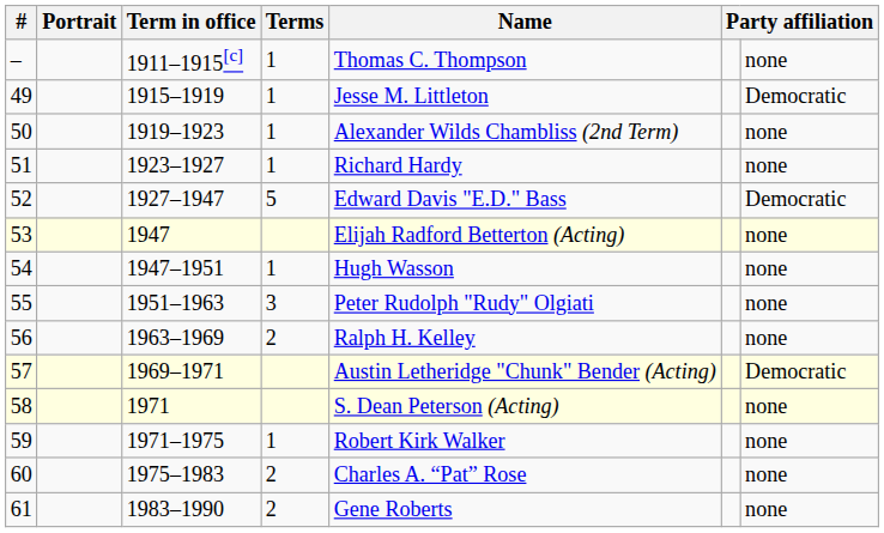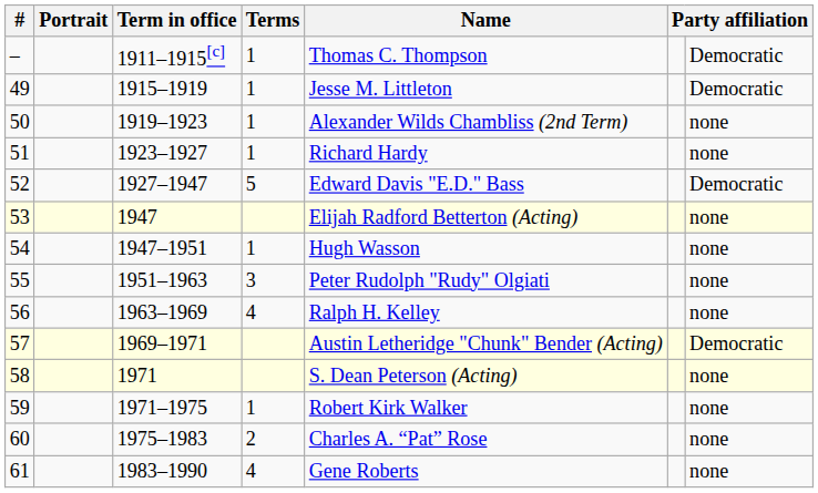 <table class="wikitable">
 <tr>
 <th ! align=center>#</th>
 <th>Portrait</th>
 <th>Term in office</th>
 <th>Terms</th>
 <th>Name</th>
 <th colspan="2">Party affiliation</th>
 </tr>
 <tr>
 <td>–</td>
 <td></td>
 <td>1911–1915<a href='#'><sup>[c]</sup></a></td>
 <td>1</td>
 <td><a href='#'>Thomas C. Thompson</a></td>
 <td style="background:"> </td>
-<td>none</td>
+<td>Democratic</td>
 </tr>
 <tr>
 <td>49</td>
 <td></td>
 <td>1915–1919</td>
 <td>1</td>
 <td><a href='#'>Jesse M. Littleton</a></td>
 <td style="background:"> </td>
 <td>Democratic</td>
 </tr>
 <tr>
 <td>50</td>
 <td></td>
 <td>1919–1923</td>
 <td>1</td>
 <td><a href='#'>Alexander Wilds Chambliss</a> <em>(2nd Term)</em></td>
 <td style="background:"> </td>
 <td>none</td>
 </tr>
 <tr>
 <td>51</td>
 <td></td>
 <td>1923–1927</td>
 <td>1</td>
 <td><a href='#'>Richard Hardy</a></td>
 <td style="background:"> </td>
 <td>none</td>
 </tr>
 <tr>
 <td>52</td>
 <td></td>
 <td>1927–1947</td>
 <td>5</td>
 <td><a href='#'>Edward Davis "E.D." Bass</a></td>
 <td style="background:"> </td>
 <td>Democratic</td>
 </tr>
 <tr style="background:lightyellow">
 <td>53</td>
 <td></td>
 <td>1947</td>
 <td></td>
 <td><a href='#'>Elijah Radford Betterton</a> <em>(Acting)</em></td>
 <td style="background:"> </td>
 <td>none</td>
 </tr>
 <tr>
 <td>54</td>
 <td></td>
 <td>1947–1951</td>
 <td>1</td>
 <td><a href='#'>Hugh Wasson</a></td>
 <td style="background:"> </td>
 <td>none</td>
 </tr>
 <tr>
 <td>55</td>
 <td></td>
 <td>1951–1963</td>
 <td>3</td>
 <td><a href='#'>Peter Rudolph "Rudy" Olgiati</a></td>
 <td style="background:"> </td>
 <td>none</td>
 </tr>
 <tr>
 <td>56</td>
 <td></td>
 <td>1963–1969</td>
-<td>2</td>
+<td>4</td>
 <td><a href='#'>Ralph H. Kelley</a></td>
 <td style="background:"> </td>
 <td>none</td>
 </tr>
 <tr style="background:lightyellow">
 <td>57</td>
 <td></td>
 <td>1969–1971</td>
 <td></td>
 <td><a href='#'>Austin Letheridge "Chunk" Bender</a> <em>(Acting)</em></td>
 <td style="background:"> </td>
 <td>Democratic</td>
 </tr>
 <tr style="background:lightyellow">
 <td>58</td>
 <td></td>
 <td>1971</td>
 <td></td>
 <td><a href='#'>S. Dean Peterson</a> <em>(Acting)</em></td>
 <td style="background:"> </td>
 <td>none</td>
 </tr>
 <tr>
 <td>59</td>
 <td></td>
 <td>1971–1975</td>
 <td>1</td>
 <td><a href='#'>Robert Kirk Walker</a></td>
 <td style="background:"> </td>
 <td>none</td>
 </tr>
 <tr>
 <td>60</td>
 <td></td>
 <td>1975–1983</td>
 <td>2</td>
 <td><a href='#'>Charles A. “Pat” Rose</a></td>
 <td style="background:"> </td>
 <td>none</td>
 </tr>
 <tr>
 <td>61</td>
 <td></td>
 <td>1983–1990</td>
-<td>2</td>
+<td>4</td>
 <td><a href='#'>Gene Roberts</a></td>
 <td style="background:"> </td>
 <td>none</td>
 </tr>
 </table>
